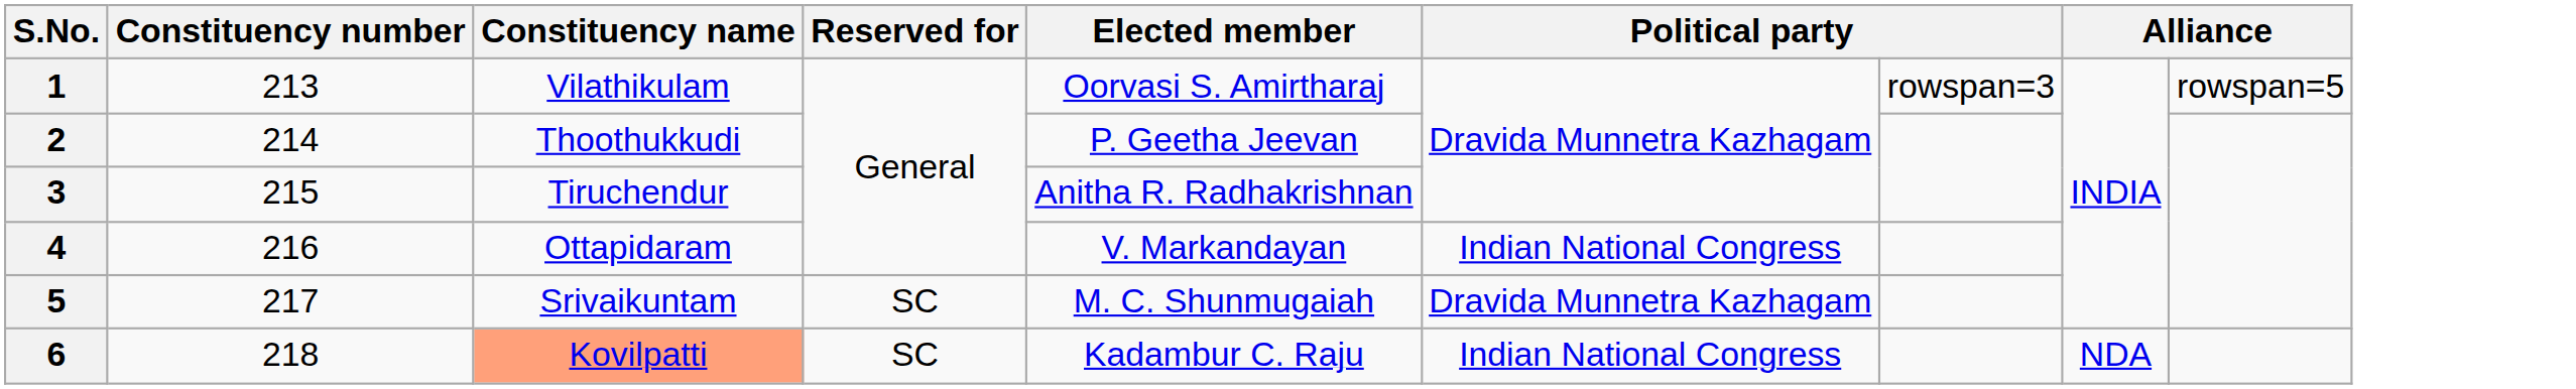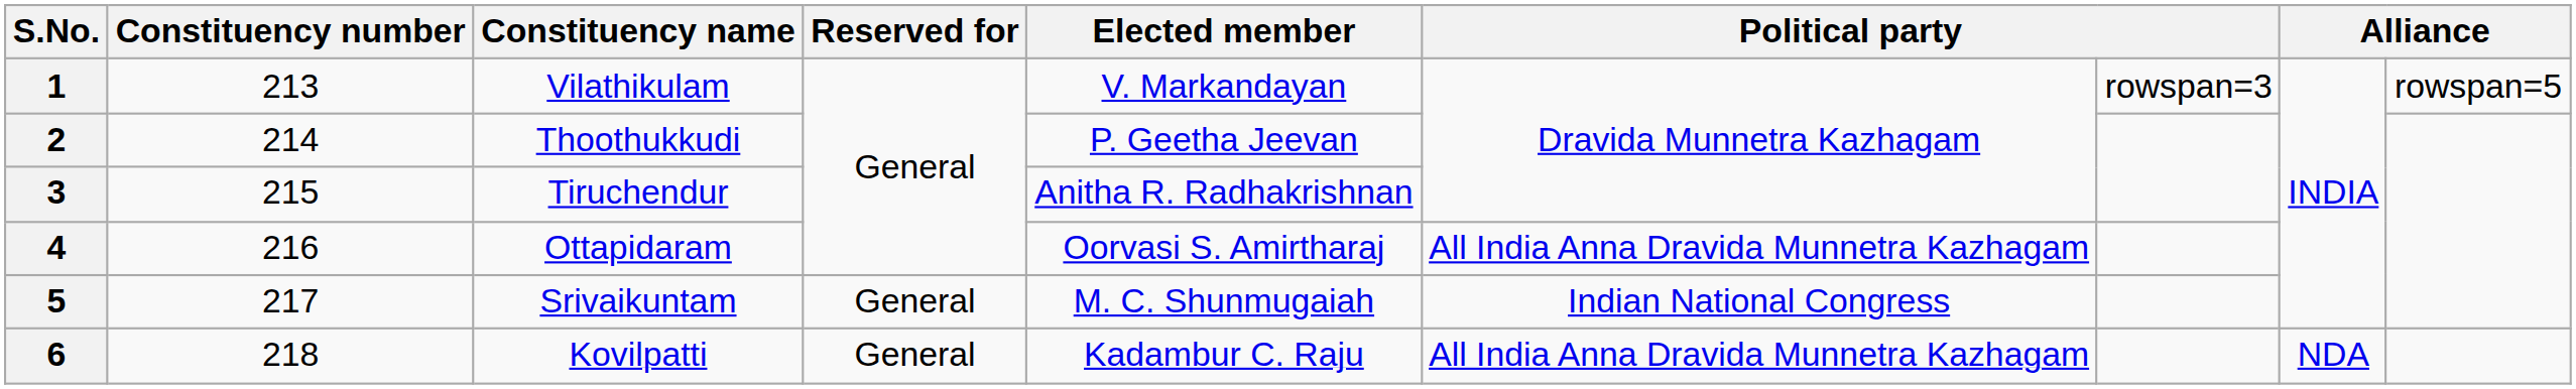 <table class="wikitable sortable" style="text-align:center;">
 <tr>
 <th>S.No.</th>
 <th>Constituency number</th>
 <th>Constituency name</th>
 <th>Reserved for</th>
 <th>Elected member</th>
 <th colspan=2>Political party</th>
 <th colspan=2>Alliance</th>
 </tr>
 <tr>
 <th>1</th>
 <td>213</td>
 <td><a href='#'>Vilathikulam</a></td>
 <td rowspan=4>General</td>
-<td><a href='#'>Oorvasi S. Amirtharaj</a></td>
+<td><a href='#'>V. Markandayan</a></td>
 <td rowspan=3><a href='#'>Dravida Munnetra Kazhagam</a></td>
 <td>rowspan=3 </td>
 <td rowspan=5><a href='#'>INDIA</a></td>
 <td>rowspan=5 </td>
 </tr>
 <tr>
 <th>2</th>
 <td>214</td>
 <td><a href='#'>Thoothukkudi</a></td>
 <td><a href='#'>P. Geetha Jeevan</a></td>
 </tr>
 <tr>
 <th>3</th>
 <td>215</td>
 <td><a href='#'>Tiruchendur</a></td>
 <td><a href='#'>Anitha R. Radhakrishnan</a></td>
 </tr>
 <tr>
 <th>4</th>
 <td>216</td>
 <td><a href='#'>Ottapidaram</a></td>
-<td><a href='#'>V. Markandayan</a></td>
-<td><a href='#'>Indian National Congress</a></td>
+<td><a href='#'>Oorvasi S. Amirtharaj</a></td>
+<td><a href='#'>All India Anna Dravida Munnetra Kazhagam</a></td>
 <td></td>
 </tr>
 <tr>
 <th>5</th>
 <td>217</td>
 <td><a href='#'>Srivaikuntam</a></td>
-<td>SC</td>
+<td>General</td>
 <td><a href='#'>M. C. Shunmugaiah</a></td>
-<td><a href='#'>Dravida Munnetra Kazhagam</a></td>
+<td><a href='#'>Indian National Congress</a></td>
 <td></td>
 </tr>
 <tr>
 <th>6</th>
 <td>218</td>
-<td style="background: lightsalmon;"><a href='#'>Kovilpatti</a></td>
-<td>SC</td>
+<td><a href='#'>Kovilpatti</a></td>
+<td>General</td>
 <td><a href='#'>Kadambur C. Raju</a></td>
-<td><a href='#'>Indian National Congress</a></td>
+<td><a href='#'>All India Anna Dravida Munnetra Kazhagam</a></td>
 <td></td>
 <td><a href='#'>NDA</a></td>
 <td></td>
 </tr>
 </table>
